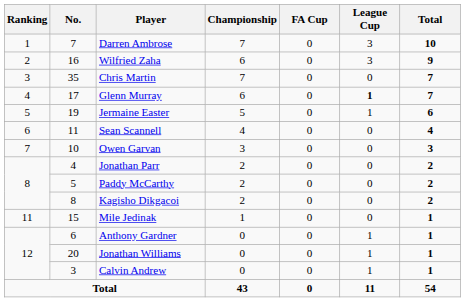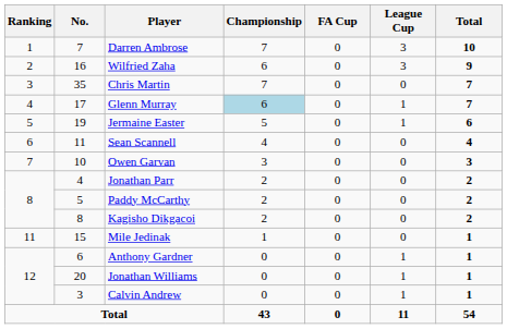 <table class="wikitable" style="text-align:center;">
 <tr>
 <th width=20>Ranking</th>
 <th width=60>No.</th>
 <th width=150>Player</th>
 <th width=80>Championship</th>
 <th width=80>FA Cup</th>
 <th width=80>League Cup</th>
 <th width=80>Total</th>
 </tr>
 <tr>
 <td rowspan=1>1</td>
 <td>7</td>
 <td align=left> <a href='#'>Darren Ambrose</a></td>
 <td>7</td>
 <td>0</td>
 <td>3</td>
 <td><strong>10</strong></td>
 </tr>
 <tr>
 <td rowspan=1>2</td>
 <td>16</td>
 <td align=left> <a href='#'>Wilfried Zaha</a></td>
 <td>6</td>
 <td>0</td>
 <td>3</td>
 <td><strong>9</strong></td>
 </tr>
 <tr>
 <td rowspan=1>3</td>
 <td>35</td>
 <td align=left> <a href='#'>Chris Martin</a></td>
 <td>7</td>
 <td>0</td>
 <td>0</td>
 <td><strong>7</strong></td>
 </tr>
 <tr>
 <td rowspan=1>4</td>
 <td>17</td>
 <td align=left> <a href='#'>Glenn Murray</a></td>
-<td>6</td>
+<td style="background: lightblue;">6</td>
 <td>0</td>
-<td><strong>1</strong></td>
+<td>1</td>
 <td><strong>7</strong></td>
 </tr>
 <tr>
 <td rowspan=1>5</td>
 <td>19</td>
 <td align=left> <a href='#'>Jermaine Easter</a></td>
 <td>5</td>
 <td>0</td>
 <td>1</td>
 <td><strong>6</strong></td>
 </tr>
 <tr>
 <td rowspan=1>6</td>
 <td>11</td>
 <td align=left> <a href='#'>Sean Scannell</a></td>
 <td>4</td>
 <td>0</td>
 <td>0</td>
 <td><strong>4</strong></td>
 </tr>
 <tr>
 <td rowspan=1>7</td>
 <td>10</td>
 <td align=left> <a href='#'>Owen Garvan</a></td>
 <td>3</td>
 <td>0</td>
 <td>0</td>
 <td><strong>3</strong></td>
 </tr>
 <tr>
 <td rowspan=3>8</td>
 <td>4</td>
 <td align=left> <a href='#'>Jonathan Parr</a></td>
 <td>2</td>
 <td>0</td>
 <td>0</td>
 <td><strong>2</strong></td>
 </tr>
 <tr>
 <td>5</td>
 <td align=left> <a href='#'>Paddy McCarthy</a></td>
 <td>2</td>
 <td>0</td>
 <td>0</td>
 <td><strong>2</strong></td>
 </tr>
 <tr>
 <td>8</td>
 <td align=left> <a href='#'>Kagisho Dikgacoi</a></td>
 <td>2</td>
 <td>0</td>
 <td>0</td>
 <td><strong>2</strong></td>
 </tr>
 <tr>
 <td rowspan=1>11</td>
 <td>15</td>
 <td align=left> <a href='#'>Mile Jedinak</a></td>
 <td>1</td>
 <td>0</td>
 <td>0</td>
 <td><strong>1</strong></td>
 </tr>
 <tr>
 <td rowspan=3>12</td>
 <td>6</td>
 <td align=left> <a href='#'>Anthony Gardner</a></td>
 <td>0</td>
 <td>0</td>
 <td>1</td>
 <td><strong>1</strong></td>
 </tr>
 <tr>
 <td>20</td>
 <td align=left> <a href='#'>Jonathan Williams</a></td>
 <td>0</td>
 <td>0</td>
 <td>1</td>
 <td><strong>1</strong></td>
 </tr>
 <tr>
 <td>3</td>
 <td align=left> <a href='#'>Calvin Andrew</a></td>
 <td>0</td>
 <td>0</td>
 <td>1</td>
 <td><strong>1</strong></td>
 </tr>
 <tr>
 <td colspan=3 align=center><strong>Total</strong></td>
 <td><strong>43</strong></td>
 <td><strong>0</strong></td>
 <td><strong>11</strong></td>
 <td><strong>54</strong></td>
 </tr>
 </table>
